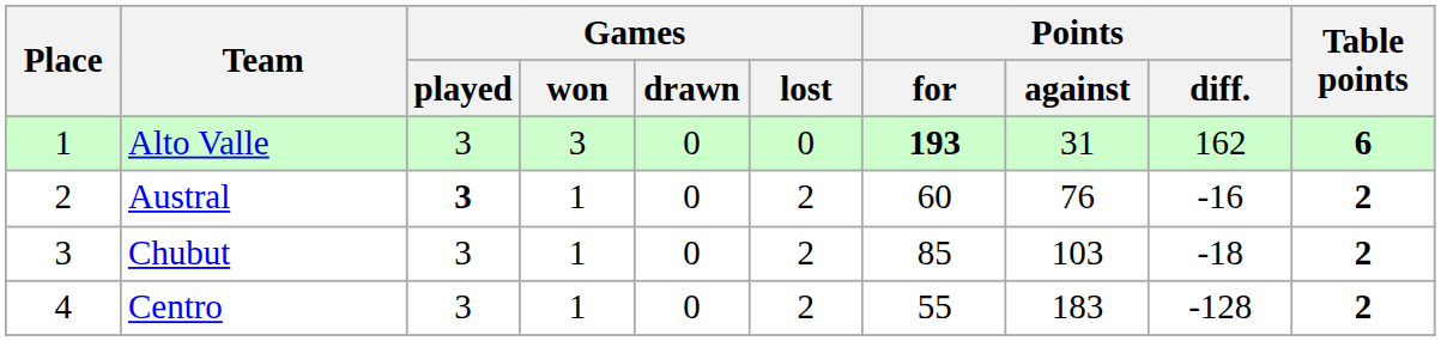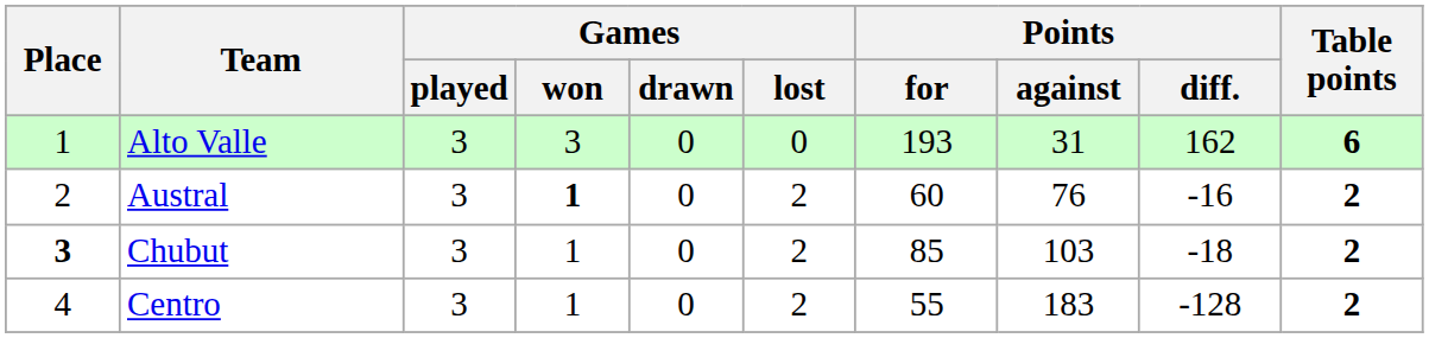 <table class="wikitable">
 <tr>
 <th rowspan=2 width="8%">Place</th>
 <th rowspan=2 width="20%">Team</th>
 <th colspan=4 width="32%">Games</th>
 <th colspan=3 width="30%">Points</th>
 <th rowspan=2 width="10%">Table<br>points</th>
 </tr>
 <tr>
 <th width="8%">played</th>
 <th width="8%">won</th>
 <th width="8%">drawn</th>
 <th width="8%">lost</th>
 <th width="10%">for</th>
 <th width="10%">against</th>
 <th width="10%">diff.</th>
 </tr>
 <tr align=center style="background: #ccffcc;">
 <td>1</td>
 <td align=left><a href='#'>Alto Valle</a></td>
 <td>3</td>
 <td>3</td>
 <td>0</td>
 <td>0</td>
-<td><strong>193</strong></td>
+<td>193</td>
 <td>31</td>
 <td>162</td>
 <td><strong>6</strong></td>
 </tr>
 <tr align=center style="background: #ffffff;">
 <td>2</td>
 <td align=left><a href='#'>Austral</a></td>
-<td><strong>3</strong></td>
-<td>1</td>
+<td>3</td>
+<td><strong>1</strong></td>
 <td>0</td>
 <td>2</td>
 <td>60</td>
 <td>76</td>
 <td>-16</td>
 <td><strong>2</strong></td>
 </tr>
 <tr align=center style="background: #ffffff;">
-<td>3</td>
+<td><strong>3</strong></td>
 <td align=left><a href='#'>Chubut</a></td>
 <td>3</td>
 <td>1</td>
 <td>0</td>
 <td>2</td>
 <td>85</td>
 <td>103</td>
 <td>-18</td>
 <td><strong>2</strong></td>
 </tr>
 <tr align=center style="background: #ffffff;">
 <td>4</td>
 <td align=left><a href='#'>Centro</a></td>
 <td>3</td>
 <td>1</td>
 <td>0</td>
 <td>2</td>
 <td>55</td>
 <td>183</td>
 <td>-128</td>
 <td><strong>2</strong></td>
 </tr>
 </table>
